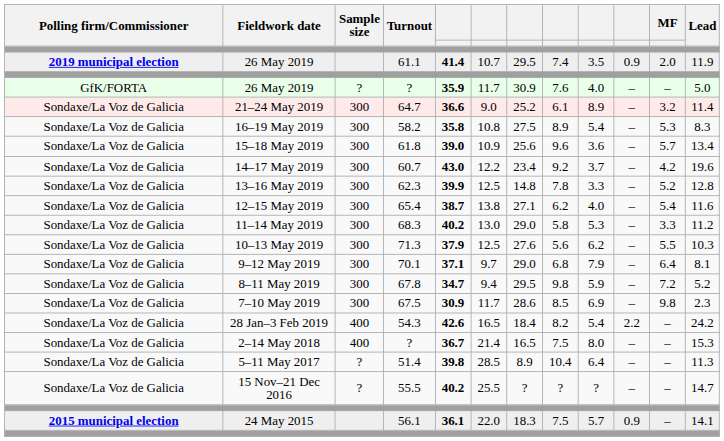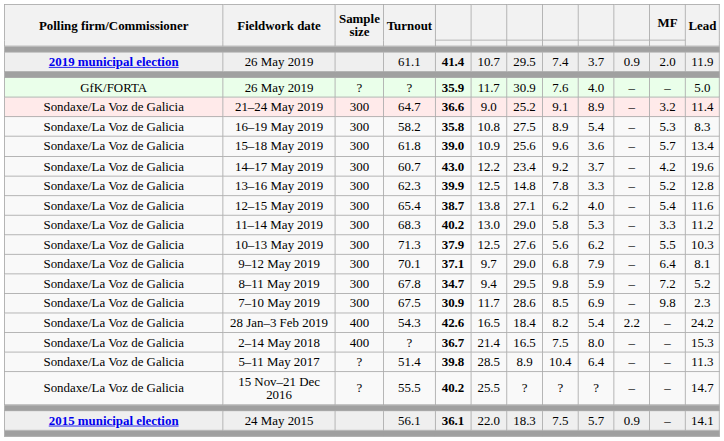 <table class="wikitable collapsible collapsed" style="text-align:center; font-size:95%; line-height:16px;">
 <tr style="height:42px;">
 <th style="width:250px;" rowspan="2">Polling firm/Commissioner</th>
 <th style="width:125px;" rowspan="2">Fieldwork date</th>
 <th style="width:50px;" rowspan="2">Sample size</th>
 <th style="width:45px;" rowspan="2">Turnout</th>
 <th style="width:35px;"></th>
 <th style="width:35px;"></th>
 <th style="width:35px;"></th>
 <th style="width:35px;"></th>
 <th style="width:35px;"></th>
 <th style="width:35px;"></th>
 <th style="width:35px;">MF</th>
 <th style="width:30px;" rowspan="2">Lead</th>
 </tr>
 <tr>
 <th style="color:inherit;background:"></th>
 <th style="color:inherit;background:"></th>
 <th style="color:inherit;background:"></th>
 <th style="color:inherit;background:"></th>
 <th style="color:inherit;background:"></th>
 <th style="color:inherit;background:"></th>
 <th style="color:inherit;background:"></th>
 </tr>
 <tr>
 <td colspan="12" style="background:#A0A0A0"></td>
 </tr>
 <tr style="background:#EFEFEF;">
 <td><strong><a href='#'>2019 municipal election</a></strong></td>
 <td>26 May 2019</td>
 <td></td>
 <td>61.1</td>
 <td><strong>41.4</strong><br></td>
 <td>10.7<br></td>
 <td>29.5<br></td>
 <td>7.4<br></td>
-<td>3.5<br></td>
+<td>3.7<br></td>
 <td>0.9<br></td>
 <td>2.0<br></td>
 <td style="background:">11.9</td>
 </tr>
 <tr>
 <td colspan="12" style="background:#A0A0A0"></td>
 </tr>
 <tr style="background:#EAFFEA;">
 <td>GfK/FORTA</td>
 <td>26 May 2019</td>
 <td>?</td>
 <td>?</td>
 <td><strong>35.9</strong><br></td>
 <td>11.7<br></td>
 <td>30.9<br></td>
 <td>7.6<br></td>
 <td>4.0<br></td>
 <td>–</td>
 <td>–</td>
 <td style="background:">5.0</td>
 </tr>
 <tr style="background:#FFEAEA;">
 <td>Sondaxe/La Voz de Galicia</td>
 <td>21–24 May 2019</td>
 <td>300</td>
 <td>64.7</td>
 <td><strong>36.6</strong><br></td>
 <td>9.0<br></td>
 <td>25.2<br></td>
-<td>6.1<br></td>
+<td>9.1<br></td>
 <td>8.9<br></td>
 <td>–</td>
 <td>3.2<br></td>
 <td style="background:">11.4</td>
 </tr>
 <tr>
 <td>Sondaxe/La Voz de Galicia</td>
 <td>16–19 May 2019</td>
 <td>300</td>
 <td>58.2</td>
 <td><strong>35.8</strong><br></td>
 <td>10.8<br></td>
 <td>27.5<br></td>
 <td>8.9<br></td>
 <td>5.4<br></td>
 <td>–</td>
 <td>5.3<br></td>
 <td style="background:">8.3</td>
 </tr>
 <tr>
 <td>Sondaxe/La Voz de Galicia</td>
 <td>15–18 May 2019</td>
 <td>300</td>
 <td>61.8</td>
 <td><strong>39.0</strong><br></td>
 <td>10.9<br></td>
 <td>25.6<br></td>
 <td>9.6<br></td>
 <td>3.6<br></td>
 <td>–</td>
 <td>5.7<br></td>
 <td style="background:">13.4</td>
 </tr>
 <tr>
 <td>Sondaxe/La Voz de Galicia</td>
 <td>14–17 May 2019</td>
 <td>300</td>
 <td>60.7</td>
 <td><strong>43.0</strong><br></td>
 <td>12.2<br></td>
 <td>23.4<br></td>
 <td>9.2<br></td>
 <td>3.7<br></td>
 <td>–</td>
 <td>4.2<br></td>
 <td style="background:">19.6</td>
 </tr>
 <tr>
 <td>Sondaxe/La Voz de Galicia</td>
 <td>13–16 May 2019</td>
 <td>300</td>
 <td>62.3</td>
 <td><strong>39.9</strong><br></td>
 <td>12.5<br></td>
 <td>14.8<br></td>
 <td>7.8<br></td>
 <td>3.3<br></td>
 <td>–</td>
 <td>5.2<br></td>
 <td style="background:">12.8</td>
 </tr>
 <tr>
 <td>Sondaxe/La Voz de Galicia</td>
 <td>12–15 May 2019</td>
 <td>300</td>
 <td>65.4</td>
 <td><strong>38.7</strong><br></td>
 <td>13.8<br></td>
 <td>27.1<br></td>
 <td>6.2<br></td>
 <td>4.0<br></td>
 <td>–</td>
 <td>5.4<br></td>
 <td style="background:">11.6</td>
 </tr>
 <tr>
 <td>Sondaxe/La Voz de Galicia</td>
 <td>11–14 May 2019</td>
 <td>300</td>
 <td>68.3</td>
 <td><strong>40.2</strong><br></td>
 <td>13.0<br></td>
 <td>29.0<br></td>
 <td>5.8<br></td>
 <td>5.3<br></td>
 <td>–</td>
 <td>3.3<br></td>
 <td style="background:">11.2</td>
 </tr>
 <tr>
 <td>Sondaxe/La Voz de Galicia</td>
 <td>10–13 May 2019</td>
 <td>300</td>
 <td>71.3</td>
 <td><strong>37.9</strong><br></td>
 <td>12.5<br></td>
 <td>27.6<br></td>
 <td>5.6<br></td>
 <td>6.2<br></td>
 <td>–</td>
 <td>5.5<br></td>
 <td style="background:">10.3</td>
 </tr>
 <tr>
 <td>Sondaxe/La Voz de Galicia</td>
 <td>9–12 May 2019</td>
 <td>300</td>
 <td>70.1</td>
 <td><strong>37.1</strong><br></td>
 <td>9.7<br></td>
 <td>29.0<br></td>
 <td>6.8<br></td>
 <td>7.9<br></td>
 <td>–</td>
 <td>6.4<br></td>
 <td style="background:">8.1</td>
 </tr>
 <tr>
 <td>Sondaxe/La Voz de Galicia</td>
 <td>8–11 May 2019</td>
 <td>300</td>
 <td>67.8</td>
 <td><strong>34.7</strong><br></td>
 <td>9.4<br></td>
 <td>29.5<br></td>
 <td>9.8<br></td>
 <td>5.9<br></td>
 <td>–</td>
 <td>7.2<br></td>
 <td style="background:">5.2</td>
 </tr>
 <tr>
 <td>Sondaxe/La Voz de Galicia</td>
 <td>7–10 May 2019</td>
 <td>300</td>
 <td>67.5</td>
 <td><strong>30.9</strong><br></td>
 <td>11.7<br></td>
 <td>28.6<br></td>
 <td>8.5<br></td>
 <td>6.9<br></td>
 <td>–</td>
 <td>9.8<br></td>
 <td style="background:">2.3</td>
 </tr>
 <tr>
 <td>Sondaxe/La Voz de Galicia</td>
 <td>28 Jan–3 Feb 2019</td>
 <td>400</td>
 <td>54.3</td>
 <td><strong>42.6</strong><br></td>
 <td>16.5<br></td>
 <td>18.4<br></td>
 <td>8.2<br></td>
 <td>5.4<br></td>
 <td>2.2<br></td>
 <td>–</td>
 <td style="background:">24.2</td>
 </tr>
 <tr>
 <td>Sondaxe/La Voz de Galicia</td>
 <td>2–14 May 2018</td>
 <td>400</td>
 <td>?</td>
 <td><strong>36.7</strong><br></td>
 <td>21.4<br></td>
 <td>16.5<br></td>
 <td>7.5<br></td>
 <td>8.0<br></td>
 <td>–</td>
 <td>–</td>
 <td style="background:">15.3</td>
 </tr>
 <tr>
 <td>Sondaxe/La Voz de Galicia</td>
 <td>5–11 May 2017</td>
 <td>?</td>
 <td>51.4</td>
 <td><strong>39.8</strong><br></td>
 <td>28.5<br></td>
 <td>8.9<br></td>
 <td>10.4<br></td>
 <td>6.4<br></td>
 <td>–</td>
 <td>–</td>
 <td style="background:">11.3</td>
 </tr>
 <tr>
 <td>Sondaxe/La Voz de Galicia</td>
 <td>15 Nov–21 Dec 2016</td>
 <td>?</td>
 <td>55.5</td>
 <td><strong>40.2</strong><br></td>
 <td>25.5<br></td>
 <td>?<br></td>
 <td>?<br></td>
 <td>?<br></td>
 <td>–</td>
 <td>–</td>
 <td style="background:">14.7</td>
 </tr>
 <tr>
 <td colspan="12" style="background:#A0A0A0"></td>
 </tr>
 <tr style="background:#EFEFEF;">
 <td><strong><a href='#'>2015 municipal election</a></strong></td>
 <td>24 May 2015</td>
 <td></td>
 <td>56.1</td>
 <td><strong>36.1</strong><br></td>
 <td>22.0<br></td>
 <td>18.3<br></td>
 <td>7.5<br></td>
 <td>5.7<br></td>
 <td>0.9<br></td>
 <td>–</td>
 <td style="background:">14.1</td>
 </tr>
 <tr>
 <td colspan="12" style="background:#A0A0A0"></td>
 </tr>
 </table>
